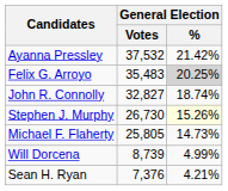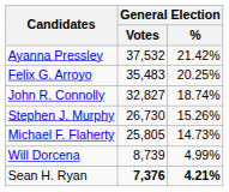 <table class=wikitable>
 <tr>
 <th colspan=1 rowspan=2><strong>Candidates</strong></th>
 <th colspan=2><strong>General Election</strong></th>
 </tr>
 <tr>
 <th>Votes</th>
 <th>%</th>
 </tr>
 <tr>
 <td><a href='#'>Ayanna Pressley</a></td>
 <td align="right">37,532</td>
 <td align="right">21.42%</td>
 </tr>
 <tr>
 <td><a href='#'>Felix G. Arroyo</a></td>
 <td align="right">35,483</td>
-<td align="right" style="background: lightgrey;">20.25%</td>
+<td align="right">20.25%</td>
 </tr>
 <tr>
 <td><a href='#'>John R. Connolly</a></td>
 <td align="right">32,827</td>
 <td align="right">18.74%</td>
 </tr>
 <tr>
 <td><a href='#'>Stephen J. Murphy</a></td>
 <td align="right">26,730</td>
-<td align="right" style="background: lightyellow;">15.26%</td>
+<td align="right">15.26%</td>
 </tr>
 <tr>
 <td><a href='#'>Michael F. Flaherty</a></td>
 <td align="right">25,805</td>
 <td align="right">14.73%</td>
 </tr>
 <tr>
 <td><a href='#'>Will Dorcena</a></td>
 <td align="right">8,739</td>
 <td align="right">4.99%</td>
 </tr>
 <tr>
 <td>Sean H. Ryan</td>
-<td align="right">7,376</td>
-<td align="right">4.21%</td>
+<td align="right"><strong>7,376</strong></td>
+<td align="right"><strong>4.21%</strong></td>
 </tr>
 </table>
